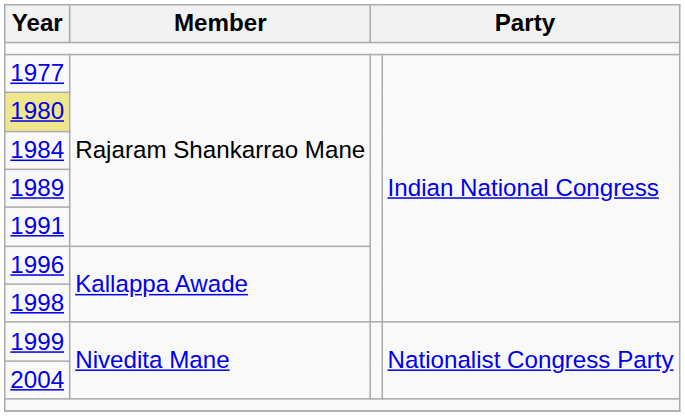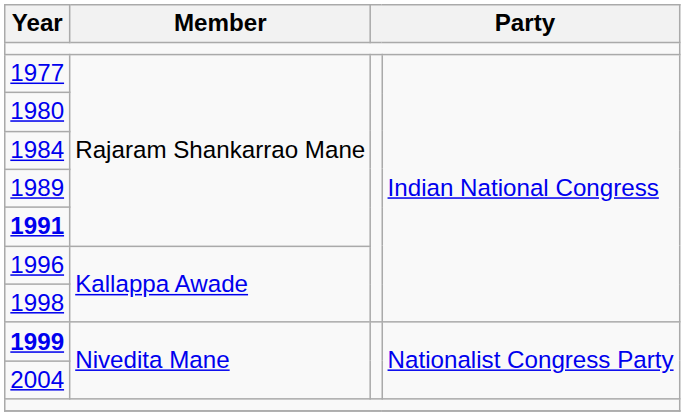 <table class="wikitable">
 <tr>
 <th>Year</th>
 <th>Member</th>
 <th colspan="2">Party</th>
 </tr>
 <tr>
 <td colspan="4"></td>
 </tr>
 <tr>
 <td><a href='#'>1977</a></td>
 <td rowspan="5">Rajaram Shankarrao Mane</td>
 <td rowspan="7" style="background-color: "></td>
 <td rowspan="7"><a href='#'>Indian National Congress</a></td>
 </tr>
 <tr>
-<td style="background: khaki;"><a href='#'>1980</a></td>
+<td><a href='#'>1980</a></td>
 </tr>
 <tr>
 <td><a href='#'>1984</a></td>
 </tr>
 <tr>
 <td><a href='#'>1989</a></td>
 </tr>
 <tr>
-<td><a href='#'>1991</a></td>
+<td><strong><a href='#'>1991</a></strong></td>
 </tr>
 <tr>
 <td><a href='#'>1996</a></td>
 <td rowspan="2"><a href='#'>Kallappa Awade</a></td>
 </tr>
 <tr>
 <td><a href='#'>1998</a></td>
 </tr>
 <tr>
-<td><a href='#'>1999</a></td>
+<td><strong><a href='#'>1999</a></strong></td>
 <td rowspan="2"><a href='#'>Nivedita Mane</a></td>
 <td rowspan="2" style="background-color: "></td>
 <td rowspan="2"><a href='#'>Nationalist Congress Party</a></td>
 </tr>
 <tr>
 <td><a href='#'>2004</a></td>
 </tr>
 <tr>
 <td colspan="4"></td>
 </tr>
 <tr>
 </tr>
 </table>
